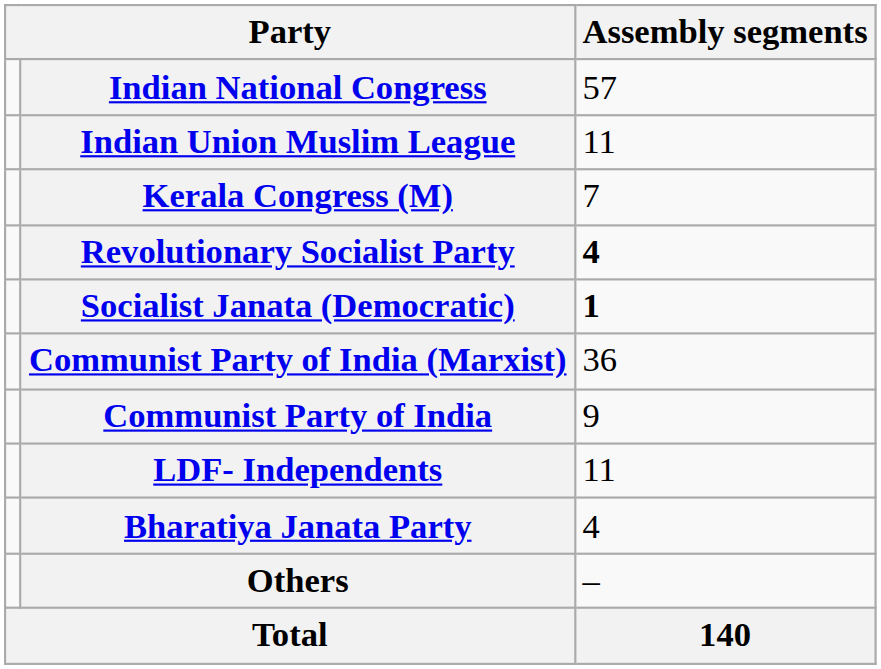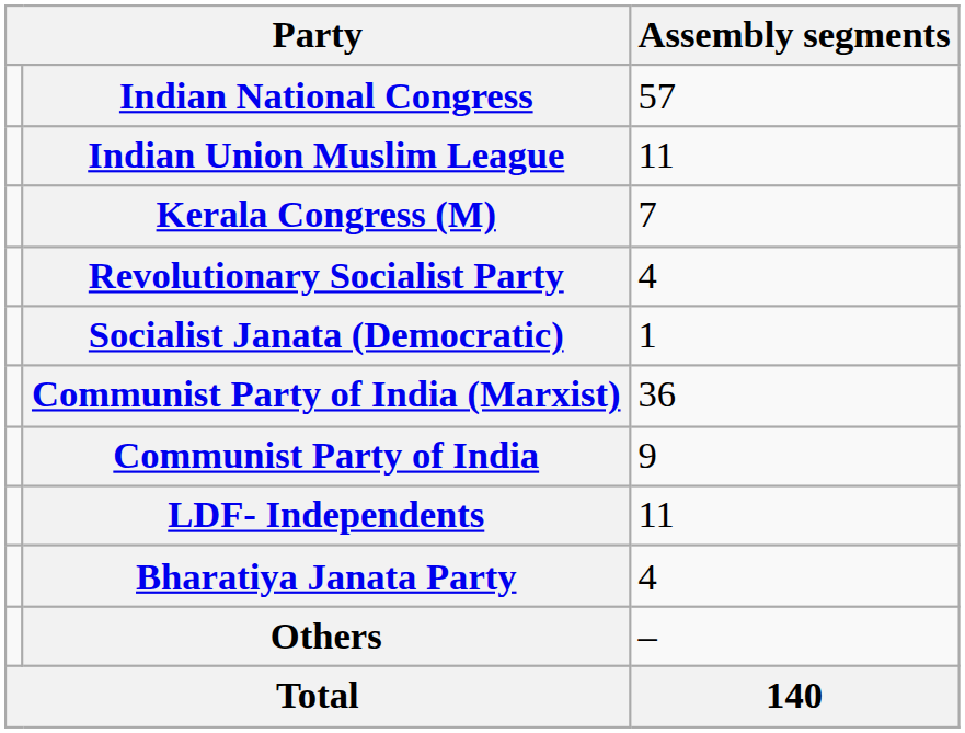 <table class="wikitable sortable">
 <tr>
 <th colspan="2">Party</th>
 <th>Assembly segments</th>
 </tr>
 <tr>
 <td></td>
 <th><a href='#'>Indian National Congress</a></th>
 <td>57</td>
 </tr>
 <tr>
 <td></td>
 <th><a href='#'>Indian Union Muslim League</a></th>
 <td>11</td>
 </tr>
 <tr>
 <td></td>
 <th><a href='#'>Kerala Congress (M)</a></th>
 <td>7</td>
 </tr>
 <tr>
 <td></td>
 <th><a href='#'>Revolutionary Socialist Party</a></th>
-<td><strong>4</strong></td>
+<td>4</td>
 </tr>
 <tr>
 <td></td>
 <th><a href='#'>Socialist Janata (Democratic)</a></th>
-<td><strong>1</strong></td>
+<td>1</td>
 </tr>
 <tr>
 <td></td>
 <th><a href='#'>Communist Party of India (Marxist)</a></th>
 <td>36</td>
 </tr>
 <tr>
 <td></td>
 <th><a href='#'>Communist Party of India</a></th>
 <td>9</td>
 </tr>
 <tr>
 <td></td>
 <th><a href='#'>LDF- Independents</a></th>
 <td>11</td>
 </tr>
 <tr>
 <td></td>
 <th><a href='#'>Bharatiya Janata Party</a></th>
 <td>4</td>
 </tr>
 <tr>
 <td></td>
 <th>Others</th>
 <td>–</td>
 </tr>
 <tr>
 <th colspan="2">Total</th>
 <th colspan="3">140</th>
 </tr>
 </table>
